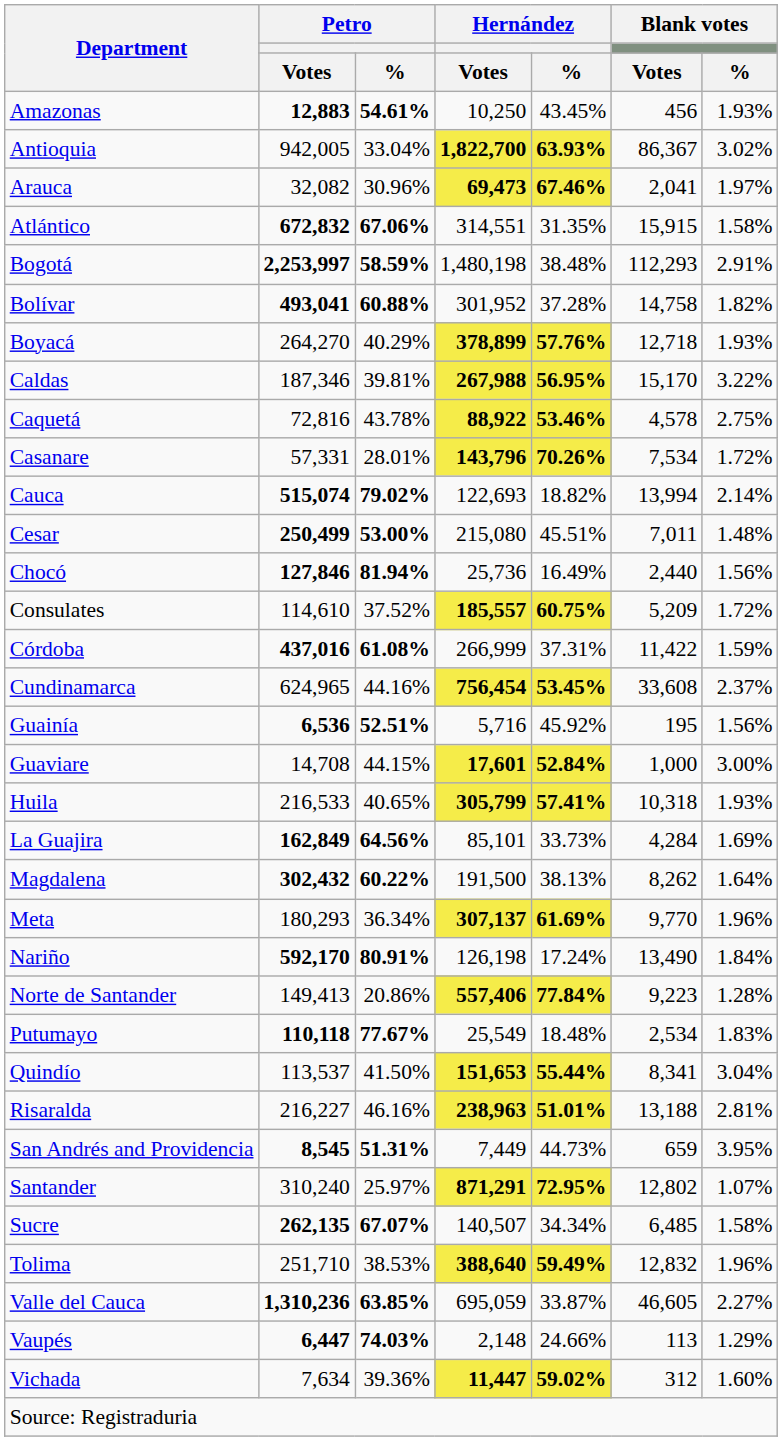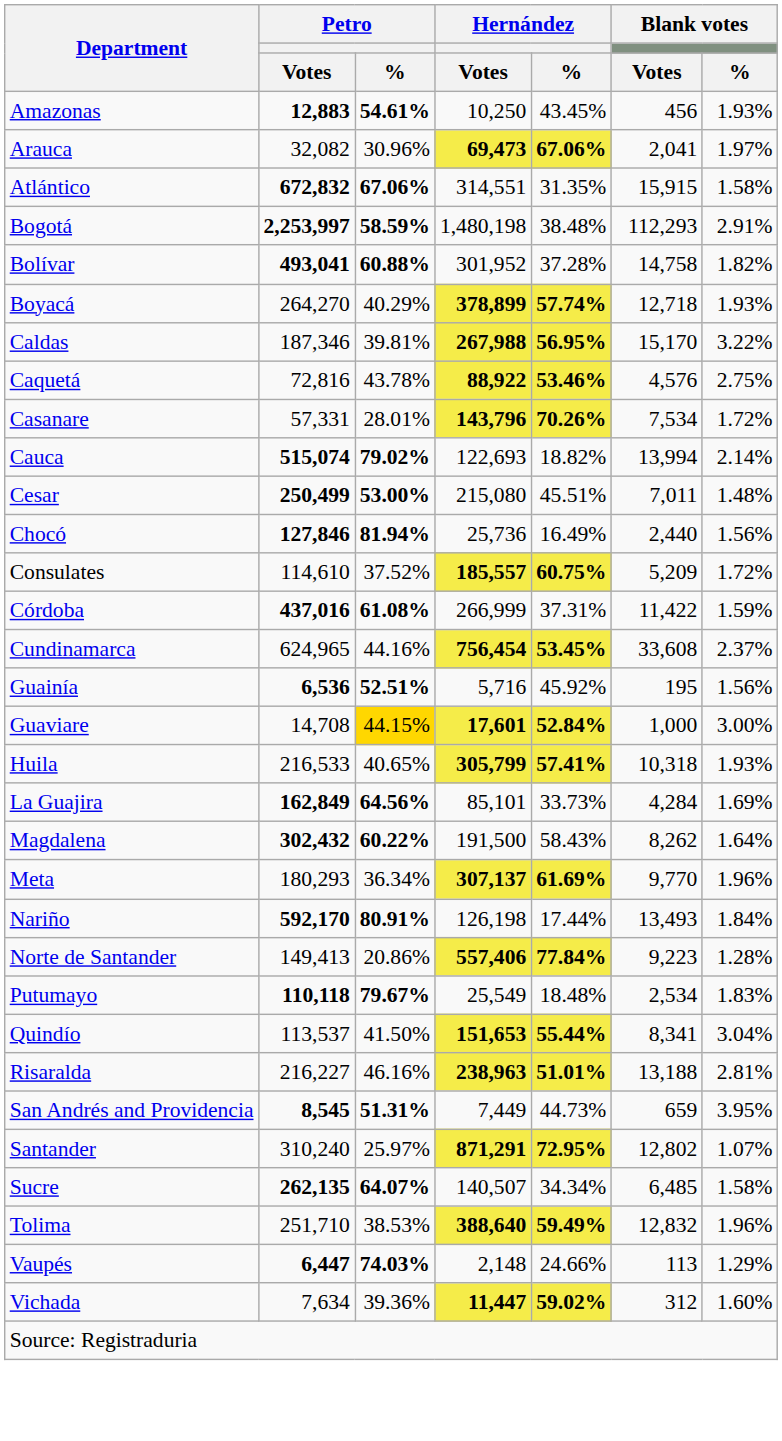 <table class="wikitable sortable" style="text-align:right; font-size:95%; line-height:20px;">
 <tr>
 <th rowspan="3"><a href='#'>Department</a></th>
 <th colspan="2" style="width:110px;"><a href='#'>Petro</a></th>
 <th colspan="2" style="width:110px;"><a href='#'>Hernández</a></th>
 <th colspan="2" style="width:110px;">Blank votes</th>
 </tr>
 <tr>
 <th colspan="2" style="background:"></th>
 <th colspan="2" style="background:"></th>
 <th colspan="2" style="background:#809080"></th>
 </tr>
 <tr>
 <th>Votes</th>
 <th>%</th>
 <th>Votes</th>
 <th>%</th>
 <th>Votes</th>
 <th>%</th>
 </tr>
 <tr>
 <td style="text-align:left;"><a href='#'>Amazonas</a></td>
 <td style="background:"><strong>12,883</strong></td>
 <td style="background:"><strong>54.61%</strong></td>
 <td>10,250</td>
 <td>43.45%</td>
 <td>456</td>
 <td>1.93%</td>
 </tr>
 <tr>
-<td style="text-align:left;"><a href='#'>Antioquia</a></td>
-<td>942,005</td>
-<td>33.04%</td>
-<td style="background:#F5EC49;"><strong>1,822,700</strong></td>
-<td style="background:#F5EC49;"><strong>63.93%</strong></td>
-<td>86,367</td>
-<td>3.02%</td>
-</tr>
-<tr>
 <td style="text-align:left;"><a href='#'>Arauca</a></td>
 <td>32,082</td>
 <td>30.96%</td>
 <td style="background:#F5EC49;"><strong>69,473</strong></td>
-<td style="background:#F5EC49;"><strong>67.46%</strong></td>
+<td style="background:#F5EC49;"><strong>67.06%</strong></td>
 <td>2,041</td>
 <td>1.97%</td>
 </tr>
 <tr>
 <td style="text-align:left;"><a href='#'>Atlántico</a></td>
 <td style="background:"><strong>672,832</strong></td>
 <td style="background:"><strong>67.06%</strong></td>
 <td>314,551</td>
 <td>31.35%</td>
 <td>15,915</td>
 <td>1.58%</td>
 </tr>
 <tr>
 <td style="text-align:left;"><a href='#'>Bogotá</a></td>
 <td style="background:"><strong>2,253,997</strong></td>
 <td style="background:"><strong>58.59%</strong></td>
 <td>1,480,198</td>
 <td>38.48%</td>
 <td>112,293</td>
 <td>2.91%</td>
 </tr>
 <tr>
 <td style="text-align:left;"><a href='#'>Bolívar</a></td>
 <td style="background:"><strong>493,041</strong></td>
 <td style="background:"><strong>60.88%</strong></td>
 <td>301,952</td>
 <td>37.28%</td>
 <td>14,758</td>
 <td>1.82%</td>
 </tr>
 <tr>
 <td style="text-align:left;"><a href='#'>Boyacá</a></td>
 <td>264,270</td>
 <td>40.29%</td>
 <td style="background:#F5EC49;"><strong>378,899</strong></td>
-<td style="background:#F5EC49;"><strong>57.76%</strong></td>
+<td style="background:#F5EC49;"><strong>57.74%</strong></td>
 <td>12,718</td>
 <td>1.93%</td>
 </tr>
 <tr>
 <td style="text-align:left;"><a href='#'>Caldas</a></td>
 <td>187,346</td>
 <td>39.81%</td>
 <td style="background:#F5EC49;"><strong>267,988</strong></td>
 <td style="background:#F5EC49;"><strong>56.95%</strong></td>
 <td>15,170</td>
 <td>3.22%</td>
 </tr>
 <tr>
 <td style="text-align:left;"><a href='#'>Caquetá</a></td>
 <td>72,816</td>
 <td>43.78%</td>
 <td style="background:#F5EC49;"><strong>88,922</strong></td>
 <td style="background:#F5EC49;"><strong>53.46%</strong></td>
-<td>4,578</td>
+<td>4,576</td>
 <td>2.75%</td>
 </tr>
 <tr>
 <td style="text-align:left;"><a href='#'>Casanare</a></td>
 <td>57,331</td>
 <td>28.01%</td>
 <td style="background:#F5EC49;"><strong>143,796</strong></td>
 <td style="background:#F5EC49;"><strong>70.26%</strong></td>
 <td>7,534</td>
 <td>1.72%</td>
 </tr>
 <tr>
 <td style="text-align:left;"><a href='#'>Cauca</a></td>
 <td style="background:"><strong>515,074</strong></td>
 <td style="background:"><strong>79.02%</strong></td>
 <td>122,693</td>
 <td>18.82%</td>
 <td>13,994</td>
 <td>2.14%</td>
 </tr>
 <tr>
 <td style="text-align:left;"><a href='#'>Cesar</a></td>
 <td style="background:"><strong>250,499</strong></td>
 <td style="background:"><strong>53.00%</strong></td>
 <td>215,080</td>
 <td>45.51%</td>
 <td>7,011</td>
 <td>1.48%</td>
 </tr>
 <tr>
 <td style="text-align:left;"><a href='#'>Chocó</a></td>
 <td style="background:"><strong>127,846</strong></td>
 <td style="background:"><strong>81.94%</strong></td>
 <td>25,736</td>
 <td>16.49%</td>
 <td>2,440</td>
 <td>1.56%</td>
 </tr>
 <tr>
 <td style="text-align:left;">Consulates</td>
 <td>114,610</td>
 <td>37.52%</td>
 <td style="background:#F5EC49;"><strong>185,557</strong></td>
 <td style="background:#F5EC49;"><strong>60.75%</strong></td>
 <td>5,209</td>
 <td>1.72%</td>
 </tr>
 <tr>
 <td style="text-align:left;"><a href='#'>Córdoba</a></td>
 <td style="background:"><strong>437,016</strong></td>
 <td style="background:"><strong>61.08%</strong></td>
 <td>266,999</td>
 <td>37.31%</td>
 <td>11,422</td>
 <td>1.59%</td>
 </tr>
 <tr>
 <td style="text-align:left;"><a href='#'>Cundinamarca</a></td>
 <td>624,965</td>
 <td>44.16%</td>
 <td style="background:#F5EC49;"><strong>756,454</strong></td>
 <td style="background:#F5EC49;"><strong>53.45%</strong></td>
 <td>33,608</td>
 <td>2.37%</td>
 </tr>
 <tr>
 <td style="text-align:left;"><a href='#'>Guainía</a></td>
 <td style="background:"><strong>6,536</strong></td>
 <td style="background:"><strong>52.51%</strong></td>
 <td>5,716</td>
 <td>45.92%</td>
 <td>195</td>
 <td>1.56%</td>
 </tr>
 <tr>
 <td style="text-align:left;"><a href='#'>Guaviare</a></td>
 <td>14,708</td>
-<td>44.15%</td>
+<td style="background: gold;">44.15%</td>
 <td style="background:#F5EC49;"><strong>17,601</strong></td>
 <td style="background:#F5EC49;"><strong>52.84%</strong></td>
 <td>1,000</td>
 <td>3.00%</td>
 </tr>
 <tr>
 <td style="text-align:left;"><a href='#'>Huila</a></td>
 <td>216,533</td>
 <td>40.65%</td>
 <td style="background:#F5EC49;"><strong>305,799</strong></td>
 <td style="background:#F5EC49;"><strong>57.41%</strong></td>
 <td>10,318</td>
 <td>1.93%</td>
 </tr>
 <tr>
 <td style="text-align:left;"><a href='#'>La Guajira</a></td>
 <td style="background:"><strong>162,849</strong></td>
 <td style="background:"><strong>64.56%</strong></td>
 <td>85,101</td>
 <td>33.73%</td>
 <td>4,284</td>
 <td>1.69%</td>
 </tr>
 <tr>
 <td style="text-align:left;"><a href='#'>Magdalena</a></td>
 <td style="background:"><strong>302,432</strong></td>
 <td style="background:"><strong>60.22%</strong></td>
 <td>191,500</td>
-<td>38.13%</td>
+<td>58.43%</td>
 <td>8,262</td>
 <td>1.64%</td>
 </tr>
 <tr>
 <td style="text-align:left;"><a href='#'>Meta</a></td>
 <td>180,293</td>
 <td>36.34%</td>
 <td style="background:#F5EC49;"><strong>307,137</strong></td>
 <td style="background:#F5EC49;"><strong>61.69%</strong></td>
 <td>9,770</td>
 <td>1.96%</td>
 </tr>
 <tr>
 <td style="text-align:left;"><a href='#'>Nariño</a></td>
 <td style="background:"><strong>592,170</strong></td>
 <td style="background:"><strong>80.91%</strong></td>
 <td>126,198</td>
-<td>17.24%</td>
-<td>13,490</td>
+<td>17.44%</td>
+<td>13,493</td>
 <td>1.84%</td>
 </tr>
 <tr>
 <td style="text-align:left;"><a href='#'>Norte de Santander</a></td>
 <td>149,413</td>
 <td>20.86%</td>
 <td style="background:#F5EC49;"><strong>557,406</strong></td>
 <td style="background:#F5EC49;"><strong>77.84%</strong></td>
 <td>9,223</td>
 <td>1.28%</td>
 </tr>
 <tr>
 <td style="text-align:left;"><a href='#'>Putumayo</a></td>
 <td style="background:"><strong>110,118</strong></td>
-<td style="background:"><strong>77.67%</strong></td>
+<td style="background:"><strong>79.67%</strong></td>
 <td>25,549</td>
 <td>18.48%</td>
 <td>2,534</td>
 <td>1.83%</td>
 </tr>
 <tr>
 <td style="text-align:left;"><a href='#'>Quindío</a></td>
 <td>113,537</td>
 <td>41.50%</td>
 <td style="background:#F5EC49;"><strong>151,653</strong></td>
 <td style="background:#F5EC49;"><strong>55.44%</strong></td>
 <td>8,341</td>
 <td>3.04%</td>
 </tr>
 <tr>
 <td style="text-align:left;"><a href='#'>Risaralda</a></td>
 <td>216,227</td>
 <td>46.16%</td>
 <td style="background:#F5EC49;"><strong>238,963</strong></td>
 <td style="background:#F5EC49;"><strong>51.01%</strong></td>
 <td>13,188</td>
 <td>2.81%</td>
 </tr>
 <tr>
 <td style="text-align:left;"><a href='#'>San Andrés and Providencia</a></td>
 <td style="background:"><strong>8,545</strong></td>
 <td style="background:"><strong>51.31%</strong></td>
 <td>7,449</td>
 <td>44.73%</td>
 <td>659</td>
 <td>3.95%</td>
 </tr>
 <tr>
 <td style="text-align:left;"><a href='#'>Santander</a></td>
 <td>310,240</td>
 <td>25.97%</td>
 <td style="background:#F5EC49;"><strong>871,291</strong></td>
 <td style="background:#F5EC49;"><strong>72.95%</strong></td>
 <td>12,802</td>
 <td>1.07%</td>
 </tr>
 <tr>
 <td style="text-align:left;"><a href='#'>Sucre</a></td>
 <td style="background:"><strong>262,135</strong></td>
-<td style="background:"><strong>67.07%</strong></td>
+<td style="background:"><strong>64.07%</strong></td>
 <td>140,507</td>
 <td>34.34%</td>
 <td>6,485</td>
 <td>1.58%</td>
 </tr>
 <tr>
 <td style="text-align:left;"><a href='#'>Tolima</a></td>
 <td>251,710</td>
 <td>38.53%</td>
 <td style="background:#F5EC49;"><strong>388,640</strong></td>
 <td style="background:#F5EC49;"><strong>59.49%</strong></td>
 <td>12,832</td>
 <td>1.96%</td>
-</tr>
-<tr>
-<td style="text-align:left;"><a href='#'>Valle del Cauca</a></td>
-<td style="background:"><strong>1,310,236</strong></td>
-<td style="background:"><strong>63.85%</strong></td>
-<td>695,059</td>
-<td>33.87%</td>
-<td>46,605</td>
-<td>2.27%</td>
 </tr>
 <tr>
 <td style="text-align:left;"><a href='#'>Vaupés</a></td>
 <td style="background:"><strong>6,447</strong></td>
 <td style="background:"><strong>74.03%</strong></td>
 <td>2,148</td>
 <td>24.66%</td>
 <td>113</td>
 <td>1.29%</td>
 </tr>
 <tr>
 <td style="text-align:left;"><a href='#'>Vichada</a></td>
 <td>7,634</td>
 <td>39.36%</td>
 <td style="background:#F5EC49;"><strong>11,447</strong></td>
 <td style="background:#F5EC49;"><strong>59.02%</strong></td>
 <td>312</td>
 <td>1.60%</td>
 </tr>
 <tr>
 <td style="text-align:left;" colspan="7">Source: Registraduria</td>
 </tr>
 </table>
